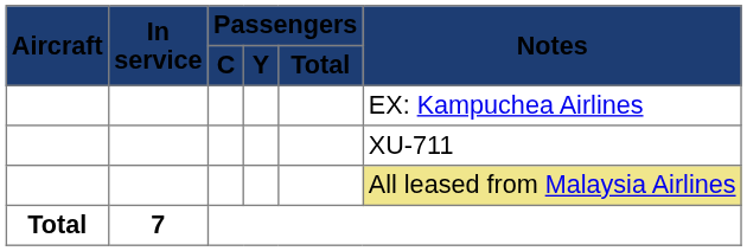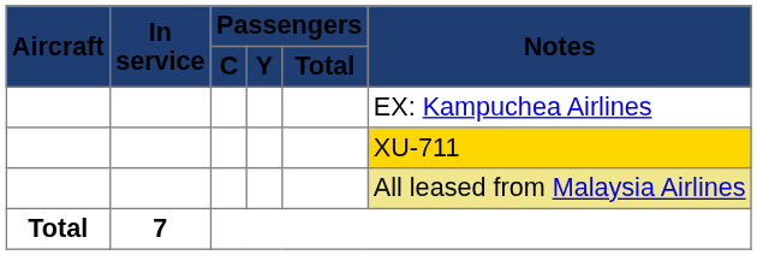 <table class="toccolours" border="1" cellpadding="3" style="margin:1em auto; border-collapse:collapse">
 <tr style="background:#1d3d73;">
 <th rowspan="2"><span>Aircraft</span></th>
 <th rowspan="2"><span>In<br> service</span></th>
 <th colspan="3"><span>Passengers </span></th>
 <th rowspan="2"><span>Notes</span></th>
 </tr>
 <tr style="background:#1d3d73;">
 <th><abbr><span>C</span></abbr></th>
 <th><abbr><span>Y</span></abbr></th>
 <th><span>Total</span></th>
 </tr>
 <tr>
 <td></td>
 <td></td>
 <td></td>
 <td></td>
 <td></td>
 <td>EX: <a href='#'>Kampuchea Airlines</a></td>
 </tr>
 <tr>
 <td></td>
 <td></td>
 <td></td>
 <td></td>
 <td></td>
-<td>XU-711</td>
+<td style="background: gold;">XU-711</td>
 </tr>
 <tr>
 <td></td>
 <td></td>
 <td></td>
 <td></td>
 <td></td>
 <td style="background: khaki;">All leased from <a href='#'>Malaysia Airlines</a></td>
 </tr>
 <tr>
 <th>Total</th>
 <th>7</th>
 </tr>
 </table>
